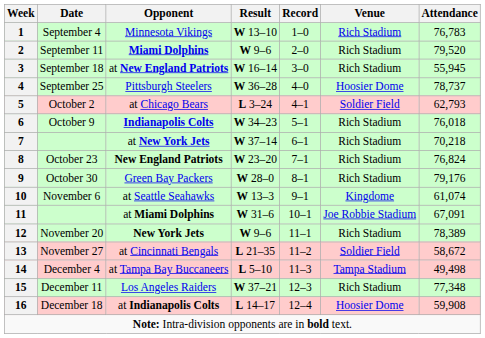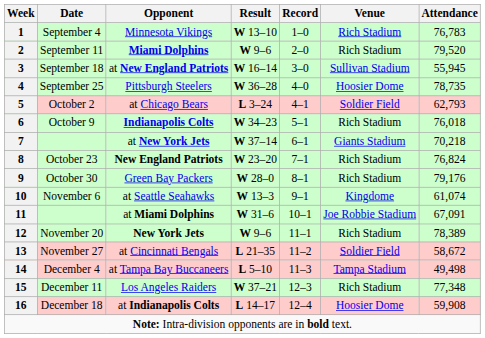 <table class="wikitable" style="text-align:center">
 <tr>
 <th>Week</th>
 <th>Date</th>
 <th>Opponent</th>
 <th>Result</th>
 <th>Record</th>
 <th>Venue</th>
 <th>Attendance</th>
 </tr>
 <tr style="background:#cfc">
 <th>1</th>
 <td>September 4</td>
 <td><a href='#'>Minnesota Vikings</a></td>
 <td><strong>W</strong> 13–10</td>
 <td>1–0</td>
 <td><a href='#'>Rich Stadium</a></td>
 <td>76,783</td>
 </tr>
 <tr style="background:#cfc">
 <th>2</th>
 <td>September 11</td>
 <td><strong><a href='#'>Miami Dolphins</a></strong></td>
 <td><strong>W</strong> 9–6</td>
 <td>2–0</td>
 <td>Rich Stadium</td>
 <td>79,520</td>
 </tr>
 <tr style="background:#cfc">
 <th>3</th>
 <td>September 18</td>
 <td>at <strong><a href='#'>New England Patriots</a></strong></td>
 <td><strong>W</strong> 16–14</td>
 <td>3–0</td>
-<td>Rich Stadium</td>
+<td><a href='#'>Sullivan Stadium</a></td>
 <td>55,945</td>
 </tr>
 <tr style="background:#cfc">
 <th>4</th>
 <td>September 25</td>
 <td><a href='#'>Pittsburgh Steelers</a></td>
 <td><strong>W</strong> 36–28</td>
 <td>4–0</td>
 <td><a href='#'>Hoosier Dome</a></td>
-<td>78,737</td>
+<td>78,735</td>
 </tr>
 <tr style="background:#fcc">
 <th>5</th>
 <td>October 2</td>
 <td>at <a href='#'>Chicago Bears</a></td>
 <td><strong>L</strong> 3–24</td>
 <td>4–1</td>
 <td><a href='#'>Soldier Field</a></td>
 <td>62,793</td>
 </tr>
 <tr style="background:#cfc">
 <th>6</th>
 <td>October 9</td>
 <td><strong><a href='#'>Indianapolis Colts</a></strong></td>
 <td><strong>W</strong> 34–23</td>
 <td>5–1</td>
 <td>Rich Stadium</td>
 <td>76,018</td>
 </tr>
 <tr style="background:#cfc">
 <th>7</th>
 <td></td>
 <td>at <strong><a href='#'>New York Jets</a></strong></td>
 <td><strong>W</strong> 37–14</td>
 <td>6–1</td>
-<td>Rich Stadium</td>
+<td><a href='#'>Giants Stadium</a></td>
 <td>70,218</td>
 </tr>
 <tr style="background:#cfc">
 <th>8</th>
 <td>October 23</td>
 <td><strong>New England Patriots</strong></td>
 <td><strong>W</strong> 23–20</td>
 <td>7–1</td>
 <td>Rich Stadium</td>
 <td>76,824</td>
 </tr>
 <tr style="background:#cfc">
 <th>9</th>
 <td>October 30</td>
 <td><a href='#'>Green Bay Packers</a></td>
 <td><strong>W</strong> 28–0</td>
 <td>8–1</td>
 <td>Rich Stadium</td>
 <td>79,176</td>
 </tr>
 <tr style="background:#cfc">
 <th>10</th>
 <td>November 6</td>
 <td>at <a href='#'>Seattle Seahawks</a></td>
 <td><strong>W</strong> 13–3</td>
 <td>9–1</td>
 <td><a href='#'>Kingdome</a></td>
 <td>61,074</td>
 </tr>
 <tr style="background:#cfc">
 <th>11</th>
 <td></td>
 <td>at <strong>Miami Dolphins</strong></td>
 <td><strong>W</strong> 31–6</td>
 <td>10–1</td>
 <td><a href='#'>Joe Robbie Stadium</a></td>
 <td>67,091</td>
 </tr>
 <tr style="background:#cfc">
 <th>12</th>
 <td>November 20</td>
 <td><strong>New York Jets</strong></td>
 <td><strong>W</strong> 9–6 </td>
 <td>11–1</td>
 <td>Rich Stadium</td>
 <td>78,389</td>
 </tr>
 <tr style="background:#fcc">
 <th>13</th>
 <td>November 27</td>
 <td>at <a href='#'>Cincinnati Bengals</a></td>
 <td><strong>L</strong> 21–35</td>
 <td>11–2</td>
 <td><a href='#'>Soldier Field</a></td>
 <td>58,672</td>
 </tr>
 <tr style="background:#fcc">
 <th>14</th>
 <td>December 4</td>
 <td>at <a href='#'>Tampa Bay Buccaneers</a></td>
 <td><strong>L</strong> 5–10</td>
 <td>11–3</td>
 <td><a href='#'>Tampa Stadium</a></td>
 <td>49,498</td>
 </tr>
 <tr style="background:#cfc">
 <th>15</th>
 <td>December 11</td>
 <td><a href='#'>Los Angeles Raiders</a></td>
 <td><strong>W</strong> 37–21</td>
 <td>12–3</td>
 <td>Rich Stadium</td>
 <td>77,348</td>
 </tr>
 <tr style="background:#fcc">
 <th>16</th>
 <td>December 18</td>
 <td>at <strong>Indianapolis Colts</strong></td>
 <td><strong>L</strong> 14–17</td>
 <td>12–4</td>
 <td><a href='#'>Hoosier Dome</a></td>
 <td>59,908</td>
 </tr>
 <tr>
 <td colspan="8"><strong>Note:</strong> Intra-division opponents are in <strong>bold</strong> text.</td>
 </tr>
 </table>
